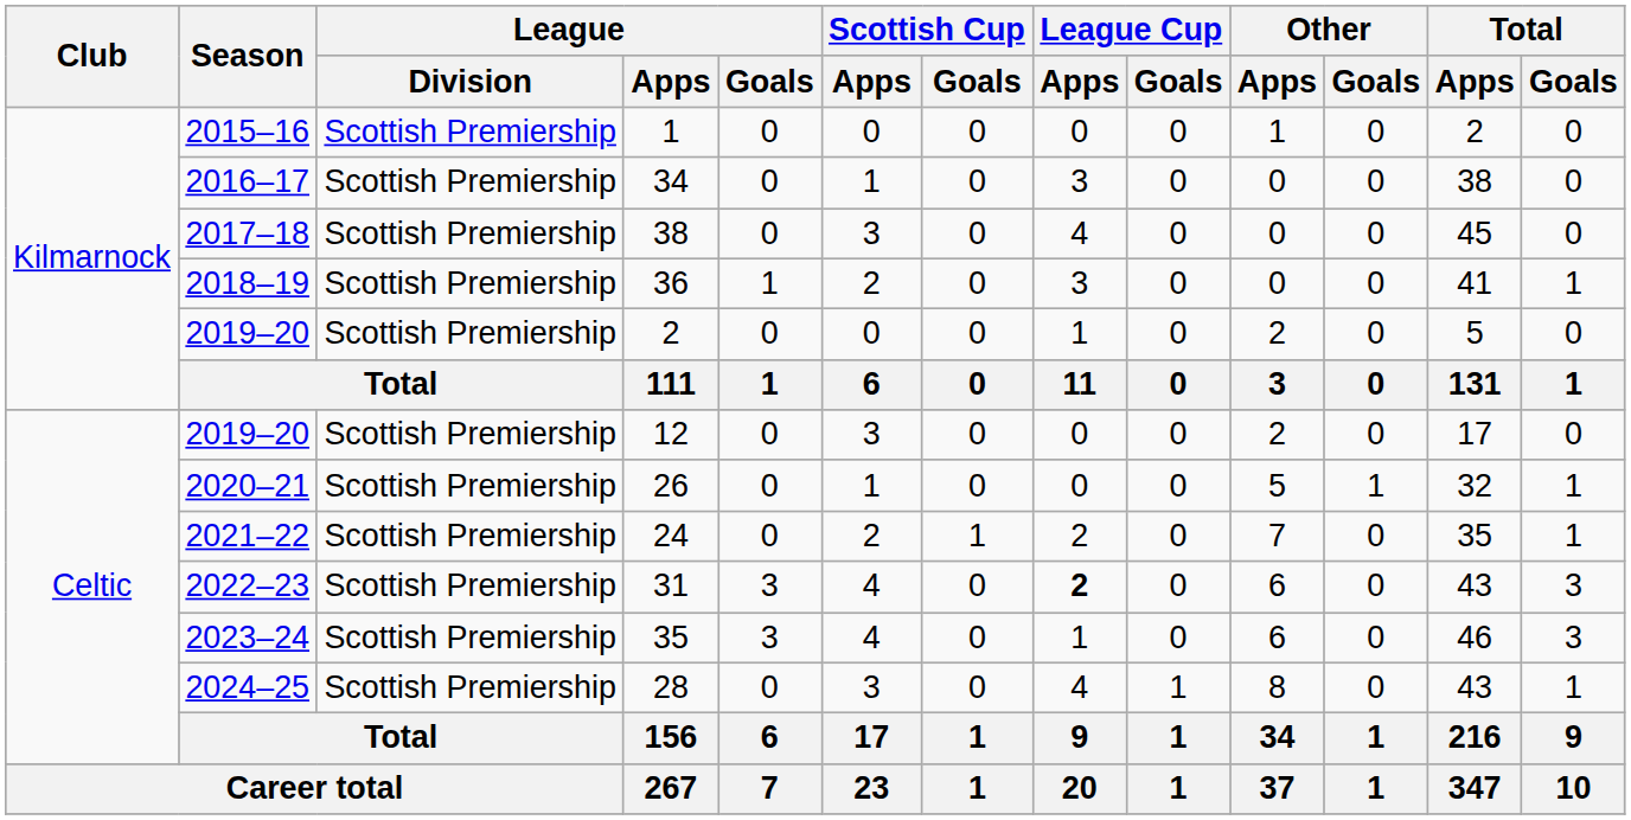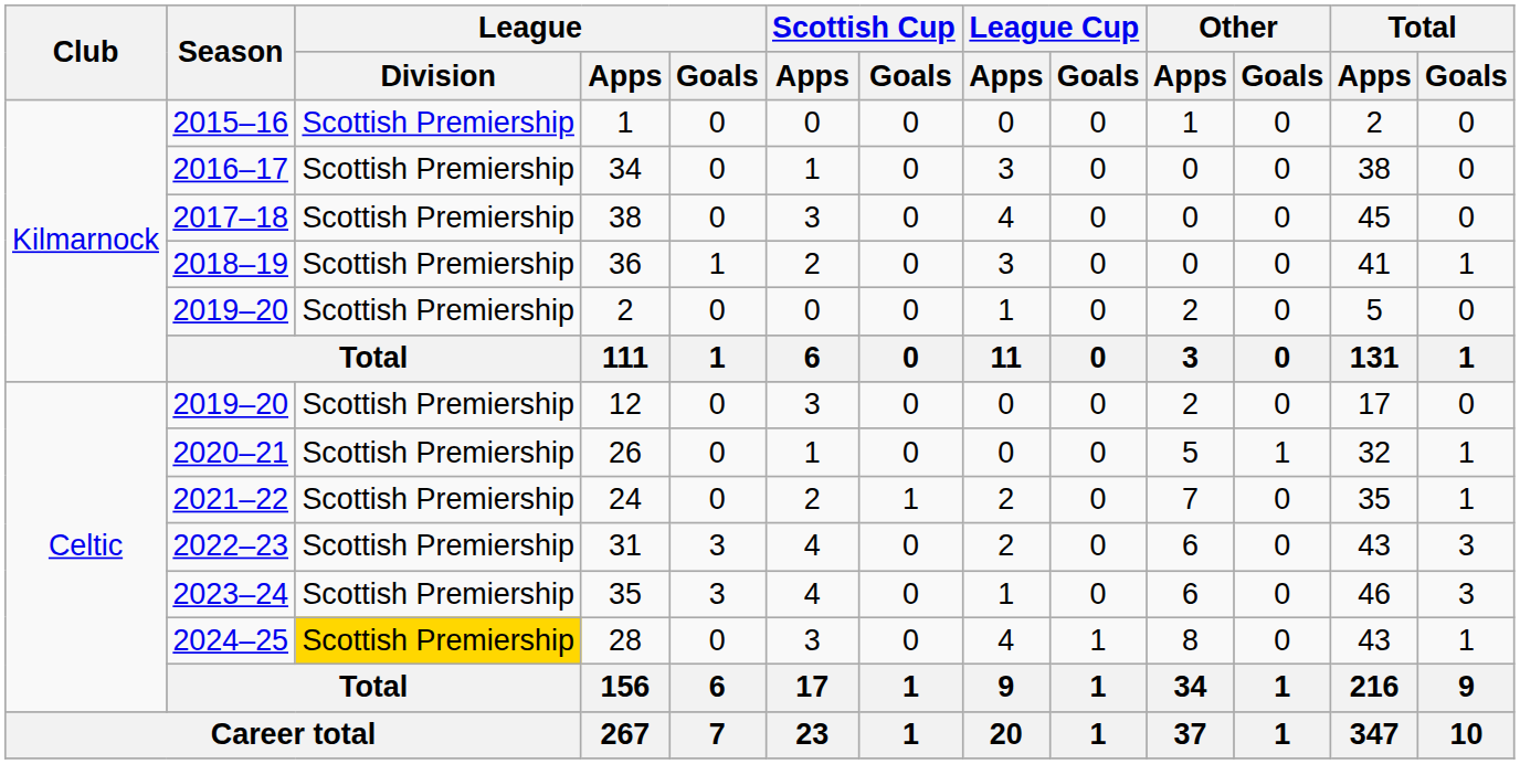 <table class="wikitable" style="text-align:center">
 <tr>
 <th rowspan="2">Club</th>
 <th rowspan="2">Season</th>
 <th colspan="3">League</th>
 <th colspan="2"><a href='#'>Scottish Cup</a></th>
 <th colspan="2"><a href='#'>League Cup</a></th>
 <th colspan="2">Other</th>
 <th colspan="2">Total</th>
 </tr>
 <tr>
 <th>Division</th>
 <th>Apps</th>
 <th>Goals</th>
 <th>Apps</th>
 <th>Goals</th>
 <th>Apps</th>
 <th>Goals</th>
 <th>Apps</th>
 <th>Goals</th>
 <th>Apps</th>
 <th>Goals</th>
 </tr>
 <tr>
 <td rowspan="6"><a href='#'>Kilmarnock</a></td>
 <td><a href='#'>2015–16</a></td>
 <td><a href='#'>Scottish Premiership</a></td>
 <td>1</td>
 <td>0</td>
 <td>0</td>
 <td>0</td>
 <td>0</td>
 <td>0</td>
 <td>1</td>
 <td>0</td>
 <td>2</td>
 <td>0</td>
 </tr>
 <tr>
 <td><a href='#'>2016–17</a></td>
 <td>Scottish Premiership</td>
 <td>34</td>
 <td>0</td>
 <td>1</td>
 <td>0</td>
 <td>3</td>
 <td>0</td>
 <td>0</td>
 <td>0</td>
 <td>38</td>
 <td>0</td>
 </tr>
 <tr>
 <td><a href='#'>2017–18</a></td>
 <td>Scottish Premiership</td>
 <td>38</td>
 <td>0</td>
 <td>3</td>
 <td>0</td>
 <td>4</td>
 <td>0</td>
 <td>0</td>
 <td>0</td>
 <td>45</td>
 <td>0</td>
 </tr>
 <tr>
 <td><a href='#'>2018–19</a></td>
 <td>Scottish Premiership</td>
 <td>36</td>
 <td>1</td>
 <td>2</td>
 <td>0</td>
 <td>3</td>
 <td>0</td>
 <td>0</td>
 <td>0</td>
 <td>41</td>
 <td>1</td>
 </tr>
 <tr>
 <td><a href='#'>2019–20</a></td>
 <td>Scottish Premiership</td>
 <td>2</td>
 <td>0</td>
 <td>0</td>
 <td>0</td>
 <td>1</td>
 <td>0</td>
 <td>2</td>
 <td>0</td>
 <td>5</td>
 <td>0</td>
 </tr>
 <tr>
 <th colspan="2">Total</th>
 <th>111</th>
 <th>1</th>
 <th>6</th>
 <th>0</th>
 <th>11</th>
 <th>0</th>
 <th>3</th>
 <th>0</th>
 <th>131</th>
 <th>1</th>
 </tr>
 <tr>
 <td rowspan="7"><a href='#'>Celtic</a></td>
 <td><a href='#'>2019–20</a></td>
 <td>Scottish Premiership</td>
 <td>12</td>
 <td>0</td>
 <td>3</td>
 <td>0</td>
 <td>0</td>
 <td>0</td>
 <td>2</td>
 <td>0</td>
 <td>17</td>
 <td>0</td>
 </tr>
 <tr>
 <td><a href='#'>2020–21</a></td>
 <td>Scottish Premiership</td>
 <td>26</td>
 <td>0</td>
 <td>1</td>
 <td>0</td>
 <td>0</td>
 <td>0</td>
 <td>5</td>
 <td>1</td>
 <td>32</td>
 <td>1</td>
 </tr>
 <tr>
 <td><a href='#'>2021–22</a></td>
 <td>Scottish Premiership</td>
 <td>24</td>
 <td>0</td>
 <td>2</td>
 <td>1</td>
 <td>2</td>
 <td>0</td>
 <td>7</td>
 <td>0</td>
 <td>35</td>
 <td>1</td>
 </tr>
 <tr>
 <td><a href='#'>2022–23</a></td>
 <td>Scottish Premiership</td>
 <td>31</td>
 <td>3</td>
 <td>4</td>
 <td>0</td>
-<td><strong>2</strong></td>
+<td>2</td>
 <td>0</td>
 <td>6</td>
 <td>0</td>
 <td>43</td>
 <td>3</td>
 </tr>
 <tr>
 <td><a href='#'>2023–24</a></td>
 <td>Scottish Premiership</td>
 <td>35</td>
 <td>3</td>
 <td>4</td>
 <td>0</td>
 <td>1</td>
 <td>0</td>
 <td>6</td>
 <td>0</td>
 <td>46</td>
 <td>3</td>
 </tr>
 <tr>
 <td><a href='#'>2024–25</a></td>
-<td>Scottish Premiership</td>
+<td style="background: gold;">Scottish Premiership</td>
 <td>28</td>
 <td>0</td>
 <td>3</td>
 <td>0</td>
 <td>4</td>
 <td>1</td>
 <td>8</td>
 <td>0</td>
 <td>43</td>
 <td>1</td>
 </tr>
 <tr>
 <th colspan="2">Total</th>
 <th>156</th>
 <th>6</th>
 <th>17</th>
 <th>1</th>
 <th>9</th>
 <th>1</th>
 <th>34</th>
 <th>1</th>
 <th>216</th>
 <th>9</th>
 </tr>
 <tr>
 <th colspan="3">Career total</th>
 <th>267</th>
 <th>7</th>
 <th>23</th>
 <th>1</th>
 <th>20</th>
 <th>1</th>
 <th>37</th>
 <th>1</th>
 <th>347</th>
 <th>10</th>
 </tr>
 </table>
